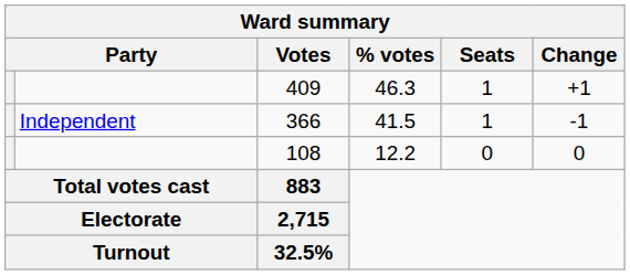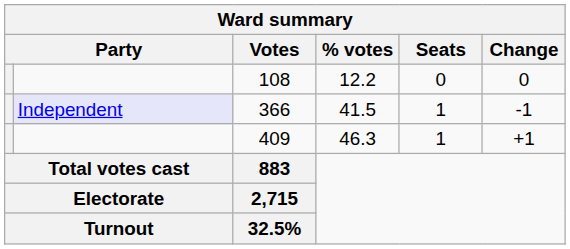 <table class="wikitable" style="font-size: 95%;">
 <tr style="background-color:#E9E9E9">
 <th colspan="6">Ward summary</th>
 </tr>
 <tr style="background-color:#E9E9E9">
 <th colspan="2">Party</th>
 <th style="width: 60px">Votes</th>
 <th style="width: 60px">% votes</th>
 <th style="width: 60px">Seats</th>
 <th style="width: 60px">Change</th>
 </tr>
 <tr>
 <th style="background-color: "></th>
 <td style="width: 170px"><a href='#'></a></td>
-<td align="center">409</td>
-<td align="center">46.3</td>
-<td align="center">1</td>
-<td align="center">+1</td>
+<td align="center">108</td>
+<td align="center">12.2</td>
+<td align="center">0</td>
+<td align="center">0</td>
 </tr>
 <tr>
 <th style="background-color: "></th>
-<td style="width: 170px"><a href='#'>Independent</a></td>
+<td style="background: lavender; width: 170px"><a href='#'>Independent</a></td>
 <td align="center">366</td>
 <td align="center">41.5</td>
 <td align="center">1</td>
 <td align="center">-1</td>
 </tr>
 <tr>
 <th style="background-color: "></th>
 <td style="width: 170px"><a href='#'></a></td>
-<td align="center">108</td>
-<td align="center">12.2</td>
-<td align="center">0</td>
-<td align="center">0</td>
+<td align="center">409</td>
+<td align="center">46.3</td>
+<td align="center">1</td>
+<td align="center">+1</td>
 </tr>
 <tr style="background-color:#E9E9E9">
 <th colspan="2">Total votes cast</th>
 <th style="width: 60px">883</th>
 </tr>
 <tr style="background-color:#E9E9E9">
 <th colspan="2">Electorate</th>
 <th style="width: 60px">2,715</th>
 </tr>
 <tr style="background-color:#E9E9E9">
 <th colspan="2">Turnout</th>
 <th style="width: 60px">32.5%</th>
 </tr>
 </table>
